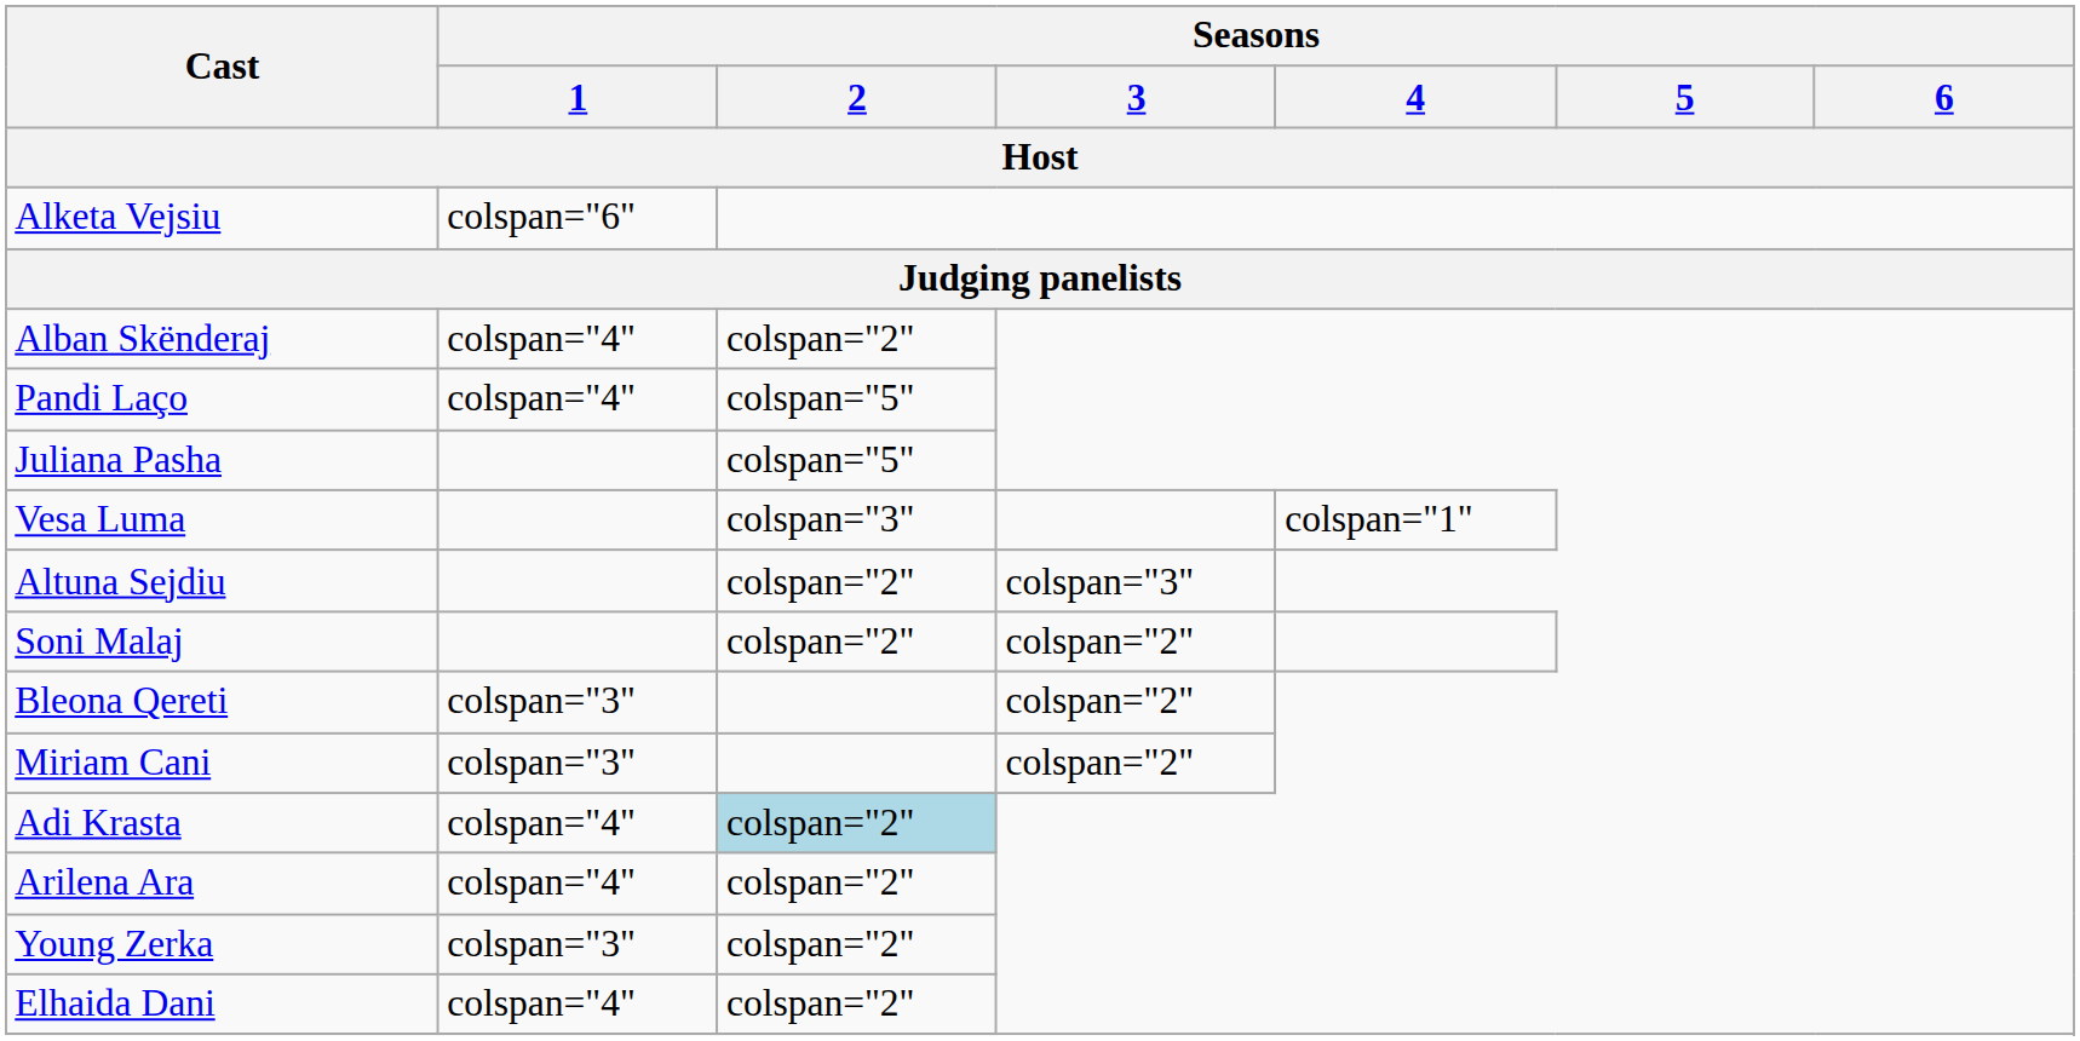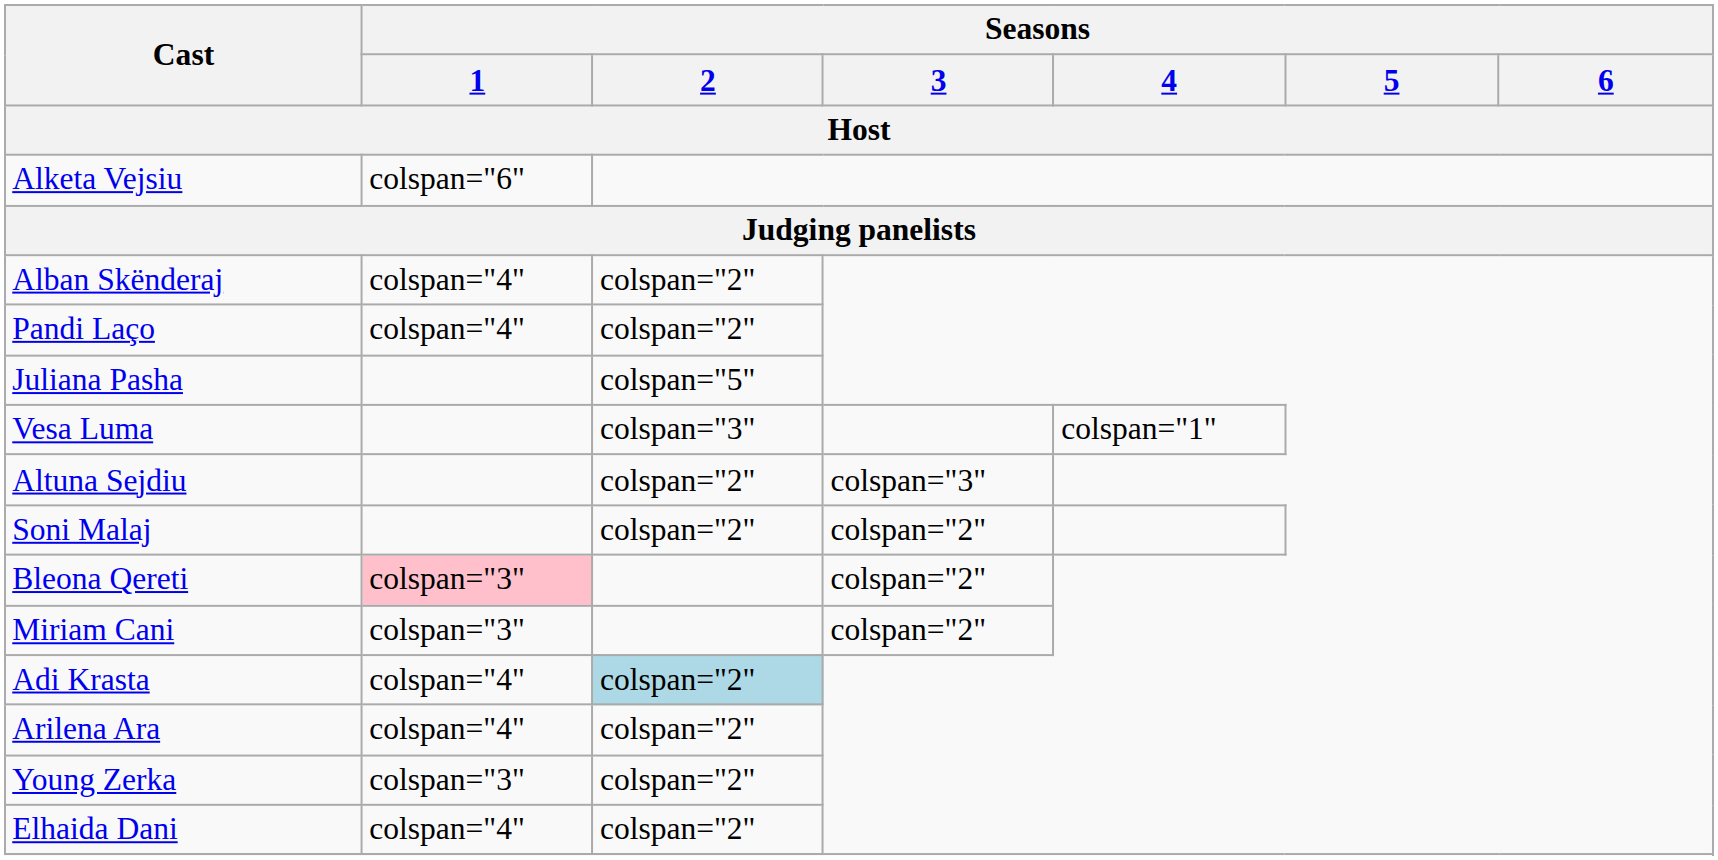 <table class="wikitable plainrowheaders" style="text-align:left">
 <tr>
 <th rowspan="2" style="width: 15%;" scope="col">Cast</th>
 <th colspan="6">Seasons</th>
 </tr>
 <tr>
 <th style="width: 09%;"><a href='#'>1</a></th>
 <th style="width: 09%;"><a href='#'>2</a></th>
 <th style="width: 09%;"><a href='#'>3</a></th>
 <th style="width: 09%;"><a href='#'>4</a></th>
 <th style="width: 09%;"><a href='#'>5</a></th>
 <th style="width: 09%;"><a href='#'>6</a></th>
 </tr>
 <tr>
 <th scope="col" colspan="7">Host</th>
 </tr>
 <tr>
 <td scope="row"><a href='#'>Alketa Vejsiu</a></td>
 <td>colspan="6" </td>
 </tr>
 <tr>
 <th scope="col" colspan="7">Judging panelists</th>
 </tr>
 <tr>
 <td scope="row"><a href='#'>Alban Skënderaj</a></td>
 <td>colspan="4" </td>
 <td>colspan="2" </td>
 </tr>
 <tr>
 <td scope="col"><a href='#'>Pandi Laço</a></td>
 <td>colspan="4" </td>
-<td>colspan="5" </td>
+<td>colspan="2" </td>
 </tr>
 <tr>
 <td scope="col"><a href='#'>Juliana Pasha</a></td>
 <td></td>
 <td>colspan="5" </td>
 </tr>
 <tr>
 <td scope="col"><a href='#'>Vesa Luma</a></td>
 <td></td>
 <td>colspan="3" </td>
 <td></td>
 <td>colspan="1" </td>
 </tr>
 <tr>
 <td scope="col"><a href='#'>Altuna Sejdiu</a></td>
 <td></td>
 <td>colspan="2" </td>
 <td>colspan="3" </td>
 </tr>
 <tr>
 <td scope="col"><a href='#'>Soni Malaj</a></td>
 <td></td>
 <td>colspan="2" </td>
 <td>colspan="2" </td>
 <td></td>
 </tr>
 <tr>
 <td scope="col"><a href='#'>Bleona Qereti</a></td>
-<td>colspan="3" </td>
+<td style="background: pink;">colspan="3" </td>
 <td></td>
 <td>colspan="2" </td>
 </tr>
 <tr>
 <td scope="col"><a href='#'>Miriam Cani</a></td>
 <td>colspan="3" </td>
 <td></td>
 <td>colspan="2" </td>
 </tr>
 <tr>
 <td scope="col"><a href='#'>Adi Krasta</a></td>
 <td>colspan="4" </td>
 <td style="background: lightblue;">colspan="2" </td>
 </tr>
 <tr>
 <td scope="col"><a href='#'>Arilena Ara</a></td>
 <td>colspan="4" </td>
 <td>colspan="2" </td>
 </tr>
 <tr>
 <td scope="col"><a href='#'>Young Zerka</a></td>
 <td>colspan="3" </td>
 <td>colspan="2" </td>
 </tr>
 <tr>
 <td scope="col"><a href='#'>Elhaida Dani</a></td>
 <td>colspan="4" </td>
 <td>colspan="2" </td>
 </tr>
 <tr>
 </tr>
 </table>
